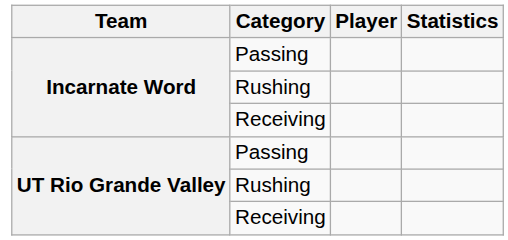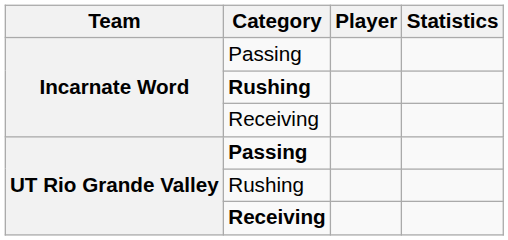 <table class="wikitable" style="float:right">
 <tr>
 <th>Team</th>
 <th>Category</th>
 <th>Player</th>
 <th>Statistics</th>
 </tr>
 <tr>
 <th rowspan=3>Incarnate Word</th>
 <td>Passing</td>
 <td></td>
 <td></td>
 </tr>
 <tr>
-<td>Rushing</td>
+<td><strong>Rushing</strong></td>
 <td></td>
 <td></td>
 </tr>
 <tr>
 <td>Receiving</td>
 <td></td>
 <td></td>
 </tr>
 <tr>
 <th rowspan=3>UT Rio Grande Valley</th>
-<td>Passing</td>
+<td><strong>Passing</strong></td>
 <td></td>
 <td></td>
 </tr>
 <tr>
 <td>Rushing</td>
 <td></td>
 <td></td>
 </tr>
 <tr>
-<td>Receiving</td>
+<td><strong>Receiving</strong></td>
 <td></td>
 <td></td>
 </tr>
 </table>
